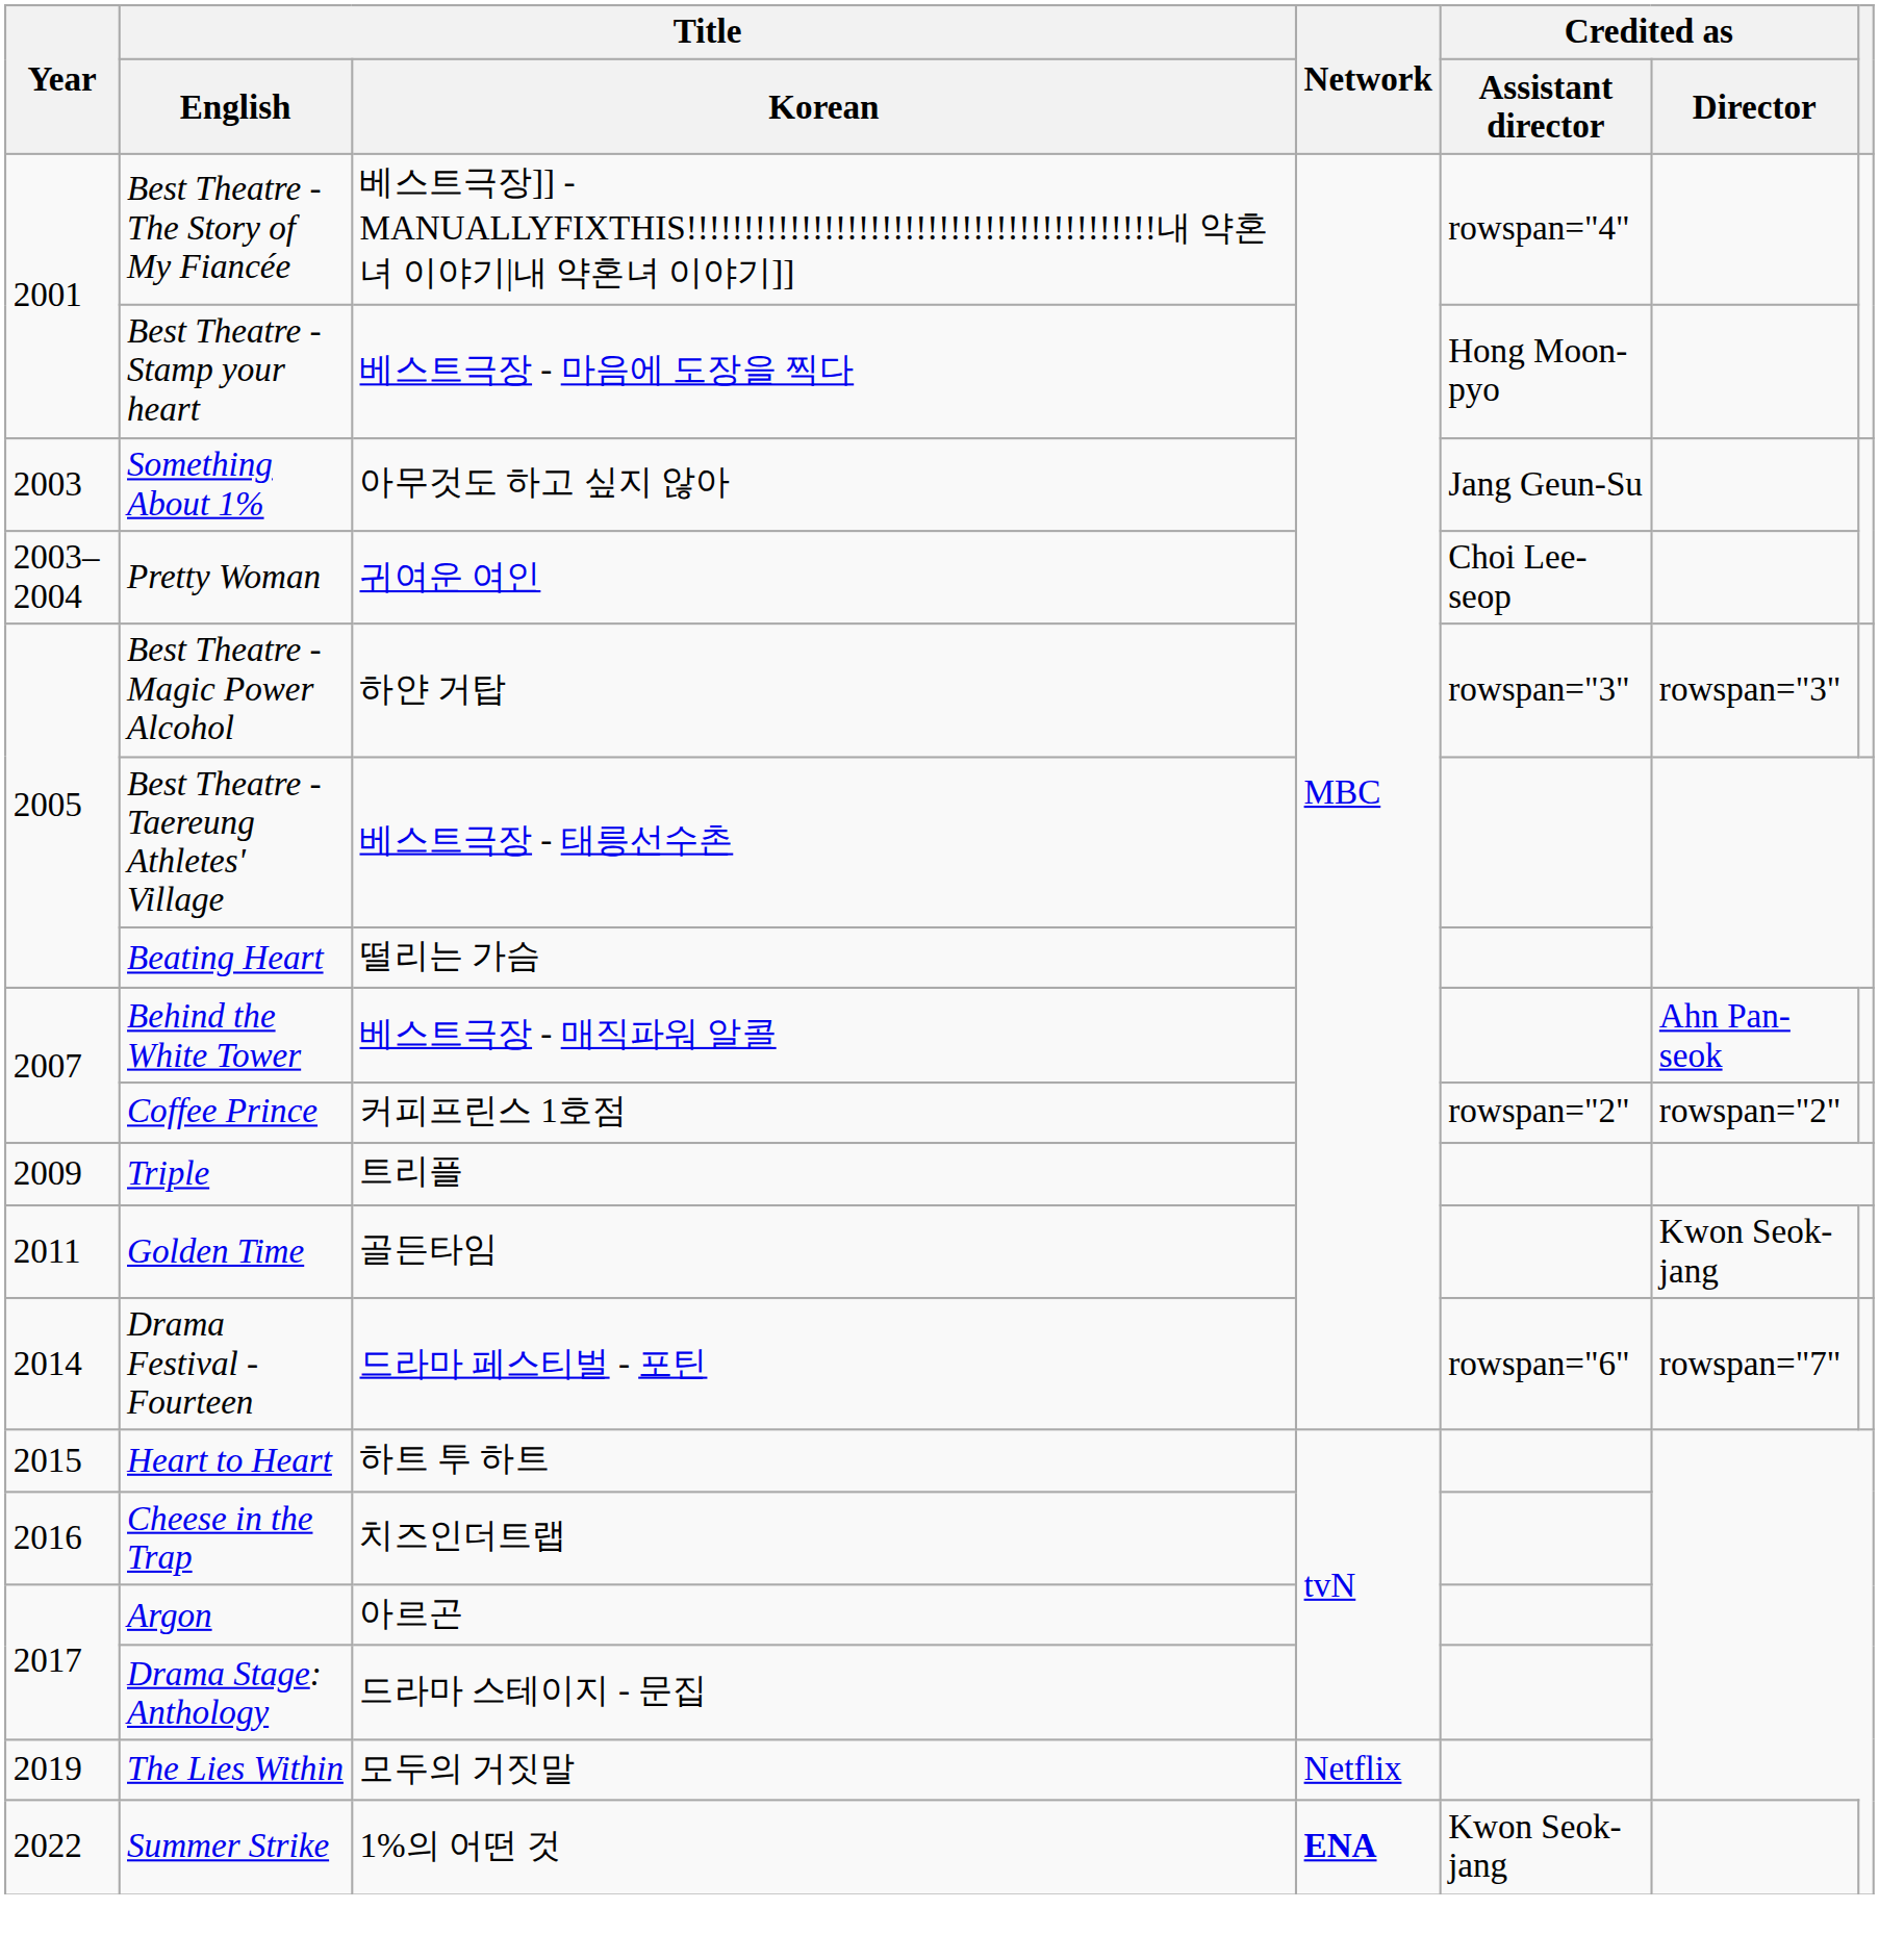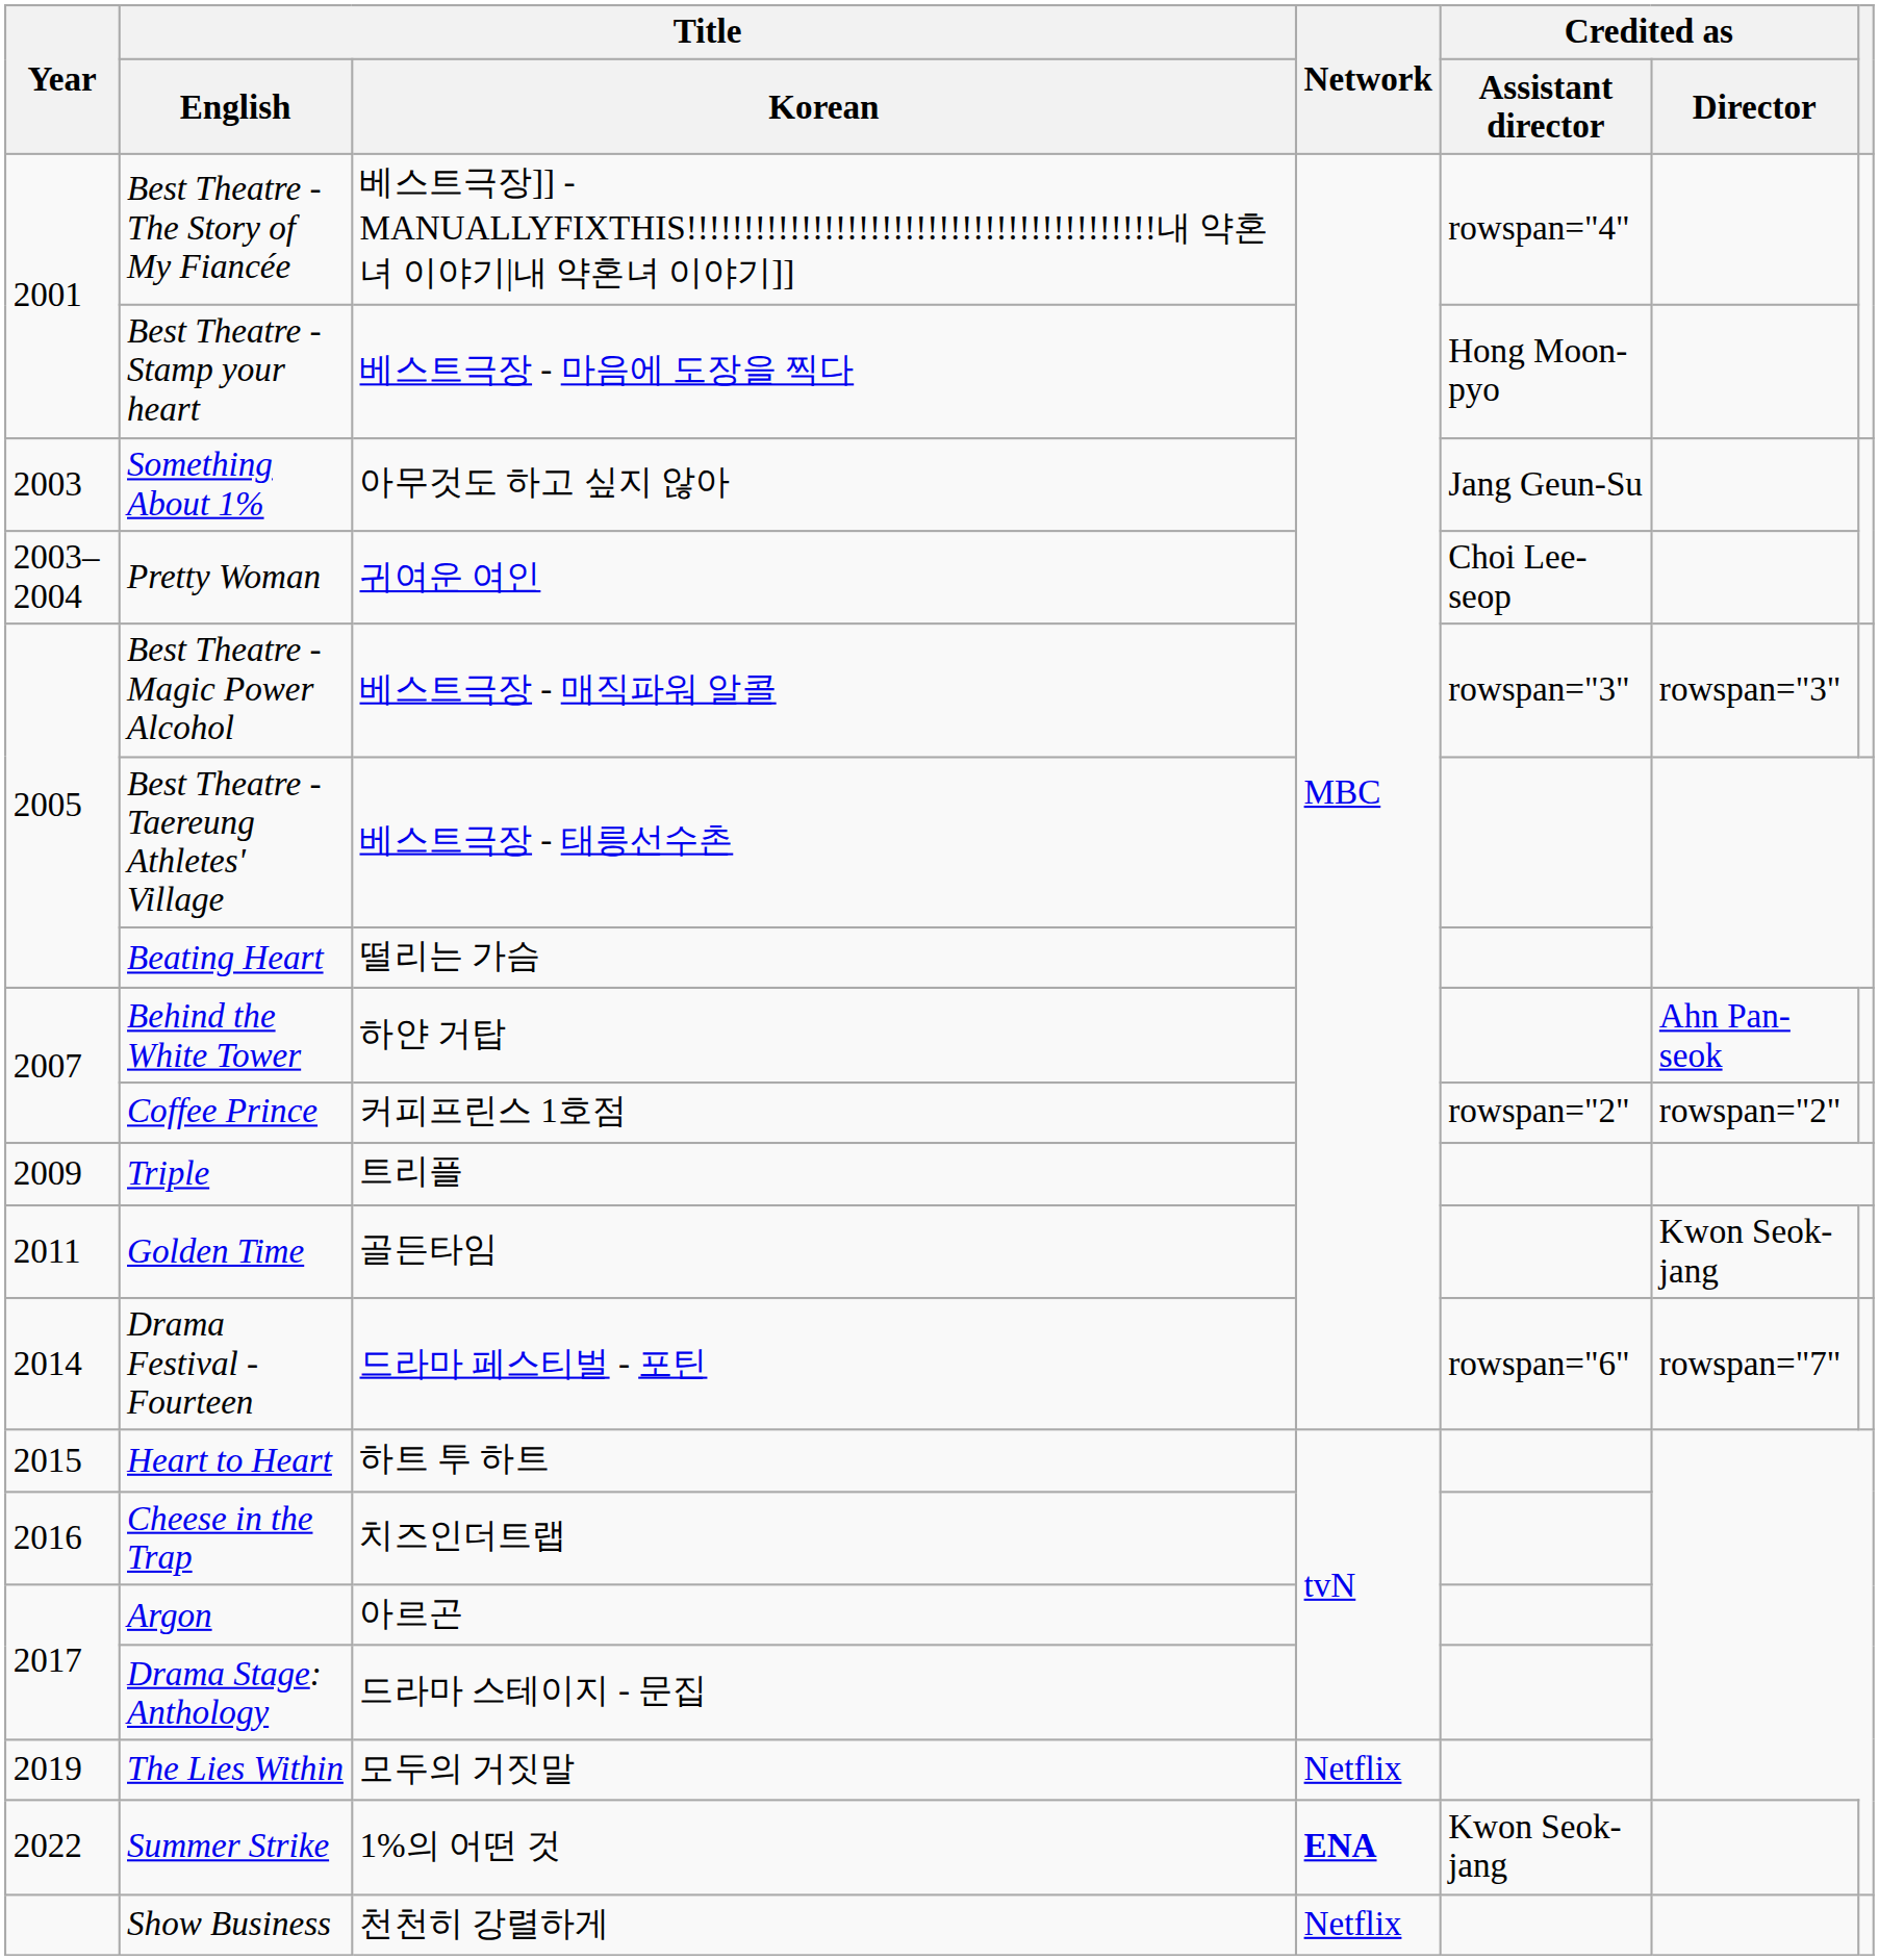 <table class="wikitable sortable">
 <tr>
 <th rowspan="2">Year</th>
 <th colspan="2">Title</th>
 <th rowspan="2">Network</th>
 <th colspan="2">Credited as</th>
 <th rowspan="2" class="unsortable"></th>
 </tr>
 <tr>
 <th>English</th>
 <th>Korean</th>
 <th>Assistant director</th>
 <th>Director</th>
 </tr>
 <tr>
 <td rowspan="2">2001</td>
 <td><em>Best Theatre - The Story of My Fiancée</em></td>
 <td MANUALLYFIXTHIS!!!!!!!!!!!!!!!!!!!!!!!!!!!!!!!!!!!!!!!!!베스트극장>베스트극장]] - MANUALLYFIXTHIS!!!!!!!!!!!!!!!!!!!!!!!!!!!!!!!!!!!!!!!!!내 약혼녀 이야기|내 약혼녀 이야기]]</td>
 <td rowspan="12"><a href='#'>MBC</a></td>
 <td>rowspan="4" </td>
 <td></td>
 <td rowspan="2"></td>
 </tr>
 <tr>
 <td><em>Best Theatre - Stamp your heart</em></td>
 <td><a href='#'>베스트극장</a> - <a href='#'>마음에 도장을 찍다</a></td>
 <td>Hong Moon-pyo</td>
 </tr>
 <tr>
 <td>2003</td>
 <td><em><a href='#'>Something About 1%</a></em></td>
 <td>아무것도 하고 싶지 않아</td>
 <td>Jang Geun-Su</td>
 <td></td>
 </tr>
 <tr>
 <td>2003–2004</td>
 <td><em>Pretty Woman</em></td>
 <td><a href='#'>귀여운 여인</a></td>
 <td>Choi Lee-seop</td>
 <td></td>
 </tr>
 <tr>
 <td rowspan=3>2005</td>
 <td><em>Best Theatre - Magic Power Alcohol</em></td>
-<td>하얀 거탑</td>
+<td><a href='#'>베스트극장</a> - <a href='#'>매직파워 알콜</a></td>
 <td>rowspan="3" </td>
 <td>rowspan="3" </td>
 <td></td>
 </tr>
 <tr>
 <td><em>Best Theatre - Taereung Athletes' Village</em></td>
 <td><a href='#'>베스트극장</a> - <a href='#'>태릉선수촌</a></td>
 <td></td>
 </tr>
 <tr>
 <td><em><a href='#'>Beating Heart</a></em></td>
 <td>떨리는 가슴</td>
 <td></td>
 </tr>
 <tr>
 <td rowspan="2">2007</td>
 <td><em><a href='#'>Behind the White Tower</a></em></td>
-<td><a href='#'>베스트극장</a> - <a href='#'>매직파워 알콜</a></td>
+<td>하얀 거탑</td>
 <td></td>
 <td><a href='#'>Ahn Pan-seok</a></td>
 <td></td>
 </tr>
 <tr>
 <td><em><a href='#'>Coffee Prince</a></em></td>
 <td>커피프린스 1호점</td>
 <td>rowspan="2" </td>
 <td>rowspan="2" </td>
 <td></td>
 </tr>
 <tr>
 <td>2009</td>
 <td><a href='#'><em>Triple</em></a></td>
 <td>트리플</td>
 <td></td>
 </tr>
 <tr>
 <td>2011</td>
 <td><em><a href='#'>Golden Time</a></em></td>
 <td>골든타임</td>
 <td></td>
 <td>Kwon Seok-jang</td>
 <td></td>
 </tr>
 <tr>
 <td>2014</td>
 <td><em>Drama Festival - Fourteen</em></td>
 <td><a href='#'>드라마 페스티벌</a> - <a href='#'>포틴</a></td>
 <td>rowspan="6" </td>
 <td>rowspan="7" </td>
 <td></td>
 </tr>
 <tr>
 <td>2015</td>
 <td><em><a href='#'>Heart to Heart</a></em></td>
 <td>하트 투 하트</td>
 <td rowspan="4"><a href='#'>tvN</a></td>
 <td></td>
 </tr>
 <tr>
 <td>2016</td>
 <td><em><a href='#'>Cheese in the Trap</a></em></td>
 <td>치즈인더트랩</td>
 <td></td>
 </tr>
 <tr>
 <td rowspan=2>2017</td>
 <td><em><a href='#'>Argon</a></em></td>
 <td>아르곤</td>
 <td></td>
 </tr>
 <tr>
 <td><em><a href='#'>Drama Stage</a>: <a href='#'>Anthology</a></em></td>
 <td tvN 드라마 스테이지>드라마 스테이지 - 문집</td>
 <td></td>
 </tr>
 <tr>
 <td>2019</td>
 <td><em><a href='#'>The Lies Within</a></em></td>
 <td>모두의 거짓말</td>
 <td><a href='#'>Netflix</a></td>
 <td></td>
 </tr>
 <tr>
 <td>2022</td>
 <td><em><a href='#'>Summer Strike</a></em></td>
 <td>1%의 어떤 것</td>
 <td><strong><a href='#'>ENA</a></strong></td>
 <td>Kwon Seok-jang</td>
 <td></td>
 </tr>
+<tr>
+<td></td>
+<td><em>Show Business</em></td>
+<td>천천히 강렬하게</td>
+<td><a href='#'>Netflix</a></td>
+<td></td>
+<td></td>
+<td></td>
+</tr>
 </table>
